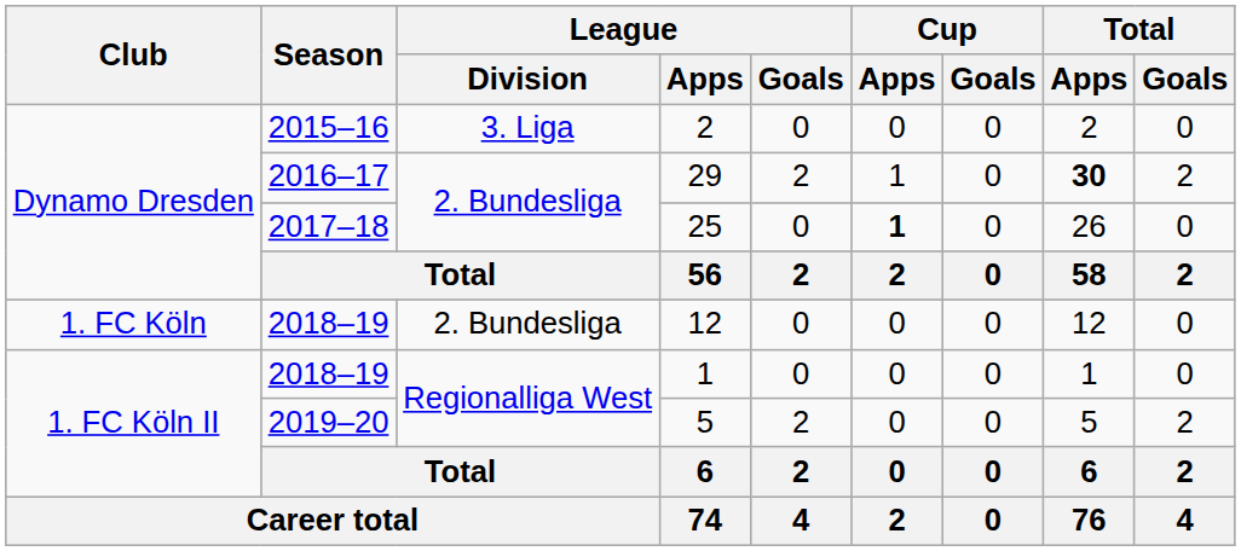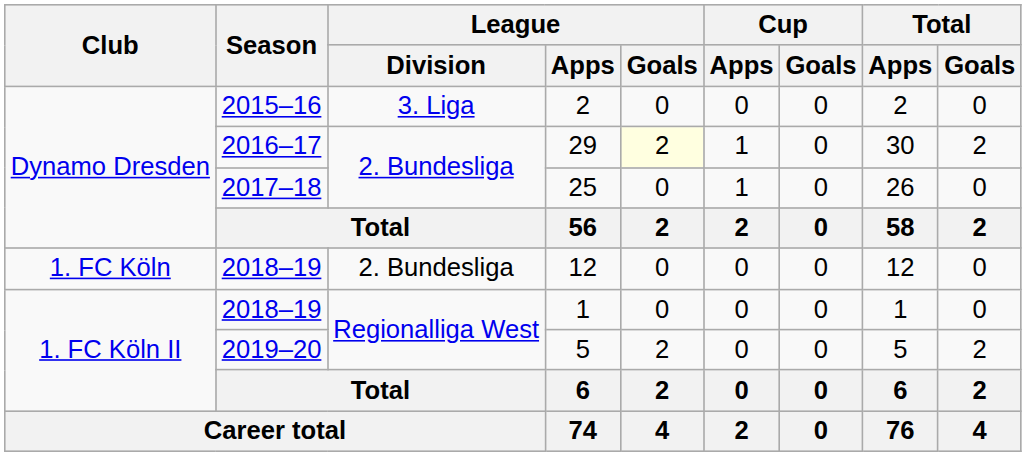 <table class="wikitable" style="text-align: center">
 <tr>
 <th rowspan="2">Club</th>
 <th rowspan="2">Season</th>
 <th colspan="3">League</th>
 <th colspan="2">Cup</th>
 <th colspan="2">Total</th>
 </tr>
 <tr>
 <th>Division</th>
 <th>Apps</th>
 <th>Goals</th>
 <th>Apps</th>
 <th>Goals</th>
 <th>Apps</th>
 <th>Goals</th>
 </tr>
 <tr>
 <td rowspan="4"><a href='#'>Dynamo Dresden</a></td>
 <td><a href='#'>2015–16</a></td>
 <td><a href='#'>3. Liga</a></td>
 <td>2</td>
 <td>0</td>
 <td>0</td>
 <td>0</td>
 <td>2</td>
 <td>0</td>
 </tr>
 <tr>
 <td><a href='#'>2016–17</a></td>
 <td rowspan="2"><a href='#'>2. Bundesliga</a></td>
 <td>29</td>
-<td>2</td>
+<td style="background: lightyellow;">2</td>
 <td>1</td>
 <td>0</td>
-<td><strong>30</strong></td>
+<td>30</td>
 <td>2</td>
 </tr>
 <tr>
 <td><a href='#'>2017–18</a></td>
 <td>25</td>
 <td>0</td>
-<td><strong>1</strong></td>
+<td>1</td>
 <td>0</td>
 <td>26</td>
 <td>0</td>
 </tr>
 <tr>
 <th colspan="2">Total</th>
 <th>56</th>
 <th>2</th>
 <th>2</th>
 <th>0</th>
 <th>58</th>
 <th>2</th>
 </tr>
 <tr>
 <td rowspan="1"><a href='#'>1. FC Köln</a></td>
 <td><a href='#'>2018–19</a></td>
 <td>2. Bundesliga</td>
 <td>12</td>
 <td>0</td>
 <td>0</td>
 <td>0</td>
 <td>12</td>
 <td>0</td>
 </tr>
 <tr>
 <td rowspan="3"><a href='#'>1. FC Köln II</a></td>
 <td><a href='#'>2018–19</a></td>
 <td rowspan="2"><a href='#'>Regionalliga West</a></td>
 <td>1</td>
 <td>0</td>
 <td>0</td>
 <td>0</td>
 <td>1</td>
 <td>0</td>
 </tr>
 <tr>
 <td><a href='#'>2019–20</a></td>
 <td>5</td>
 <td>2</td>
 <td>0</td>
 <td>0</td>
 <td>5</td>
 <td>2</td>
 </tr>
 <tr>
 <th colspan="2">Total</th>
 <th>6</th>
 <th>2</th>
 <th>0</th>
 <th>0</th>
 <th>6</th>
 <th>2</th>
 </tr>
 <tr>
 <th colspan="3">Career total</th>
 <th>74</th>
 <th>4</th>
 <th>2</th>
 <th>0</th>
 <th>76</th>
 <th>4</th>
 </tr>
 </table>
